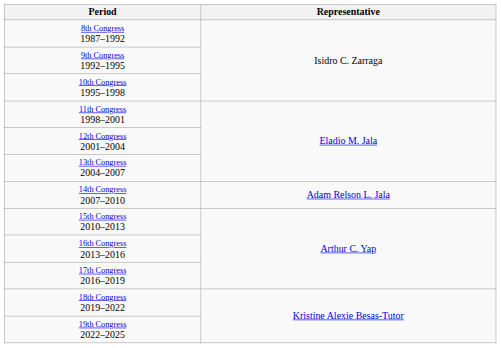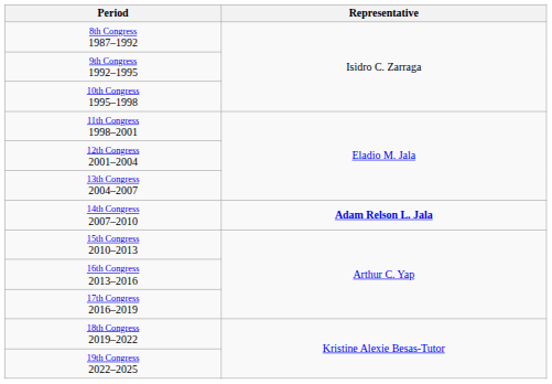 <table class="wikitable" style="text-align:center; width:40%;">
 <tr>
 <th width="40%">Period</th>
 <th>Representative</th>
 </tr>
 <tr>
 <td><small><a href='#'>8th Congress</a></small><br>1987–1992</td>
 <td rowspan="3">Isidro C. Zarraga</td>
 </tr>
 <tr>
 <td><small><a href='#'>9th Congress</a></small><br>1992–1995</td>
 </tr>
 <tr>
 <td><small><a href='#'>10th Congress</a></small><br>1995–1998</td>
 </tr>
 <tr>
 <td><small><a href='#'>11th Congress</a></small><br>1998–2001</td>
 <td rowspan="3"><a href='#'>Eladio M. Jala</a></td>
 </tr>
 <tr>
 <td><small><a href='#'>12th Congress</a></small><br>2001–2004</td>
 </tr>
 <tr>
 <td><small><a href='#'>13th Congress</a></small><br>2004–2007</td>
 </tr>
 <tr>
 <td><small><a href='#'>14th Congress</a></small><br>2007–2010</td>
-<td><a href='#'>Adam Relson L. Jala</a></td>
+<td><strong><a href='#'>Adam Relson L. Jala</a></strong></td>
 </tr>
 <tr>
 <td><small><a href='#'>15th Congress</a></small><br>2010–2013</td>
 <td rowspan="3"><a href='#'>Arthur C. Yap</a></td>
 </tr>
 <tr>
 <td><small><a href='#'>16th Congress</a></small><br>2013–2016</td>
 </tr>
 <tr>
 <td><small><a href='#'>17th Congress</a></small><br>2016–2019</td>
 </tr>
 <tr>
 <td><small><a href='#'>18th Congress</a></small><br>2019–2022</td>
 <td rowspan="2"><a href='#'>Kristine Alexie Besas-Tutor</a></td>
 </tr>
 <tr>
 <td><small><a href='#'>19th Congress</a></small><br>2022–2025</td>
 </tr>
 </table>
